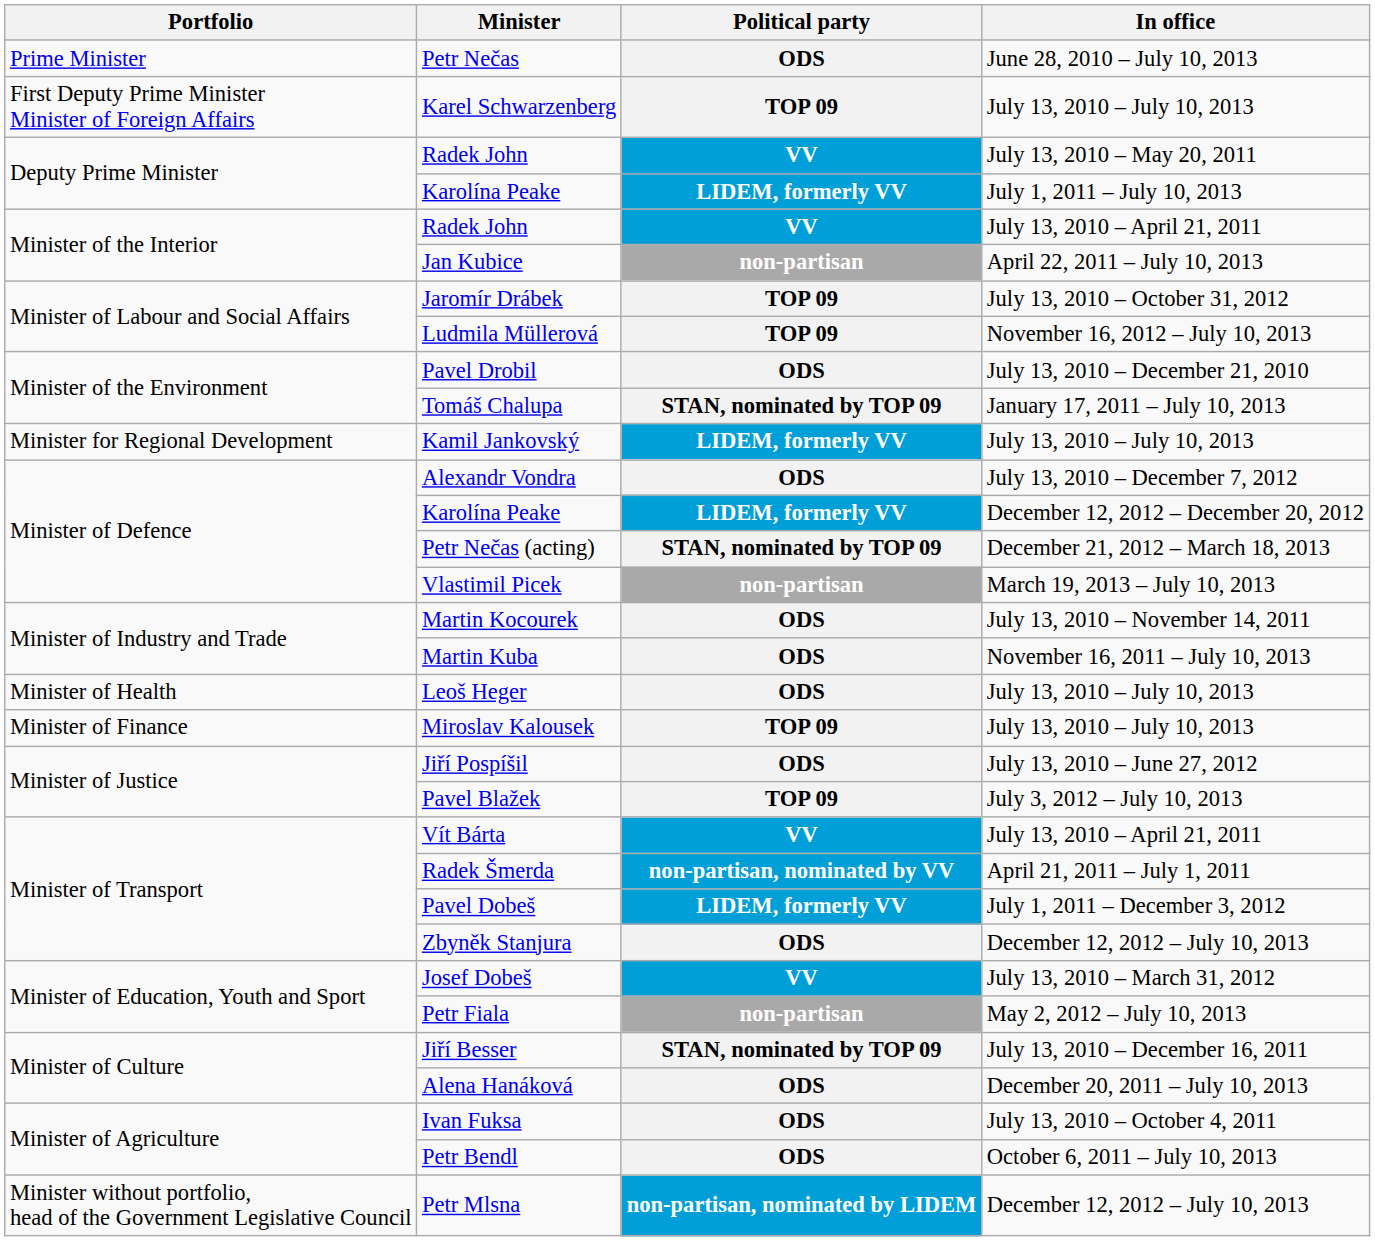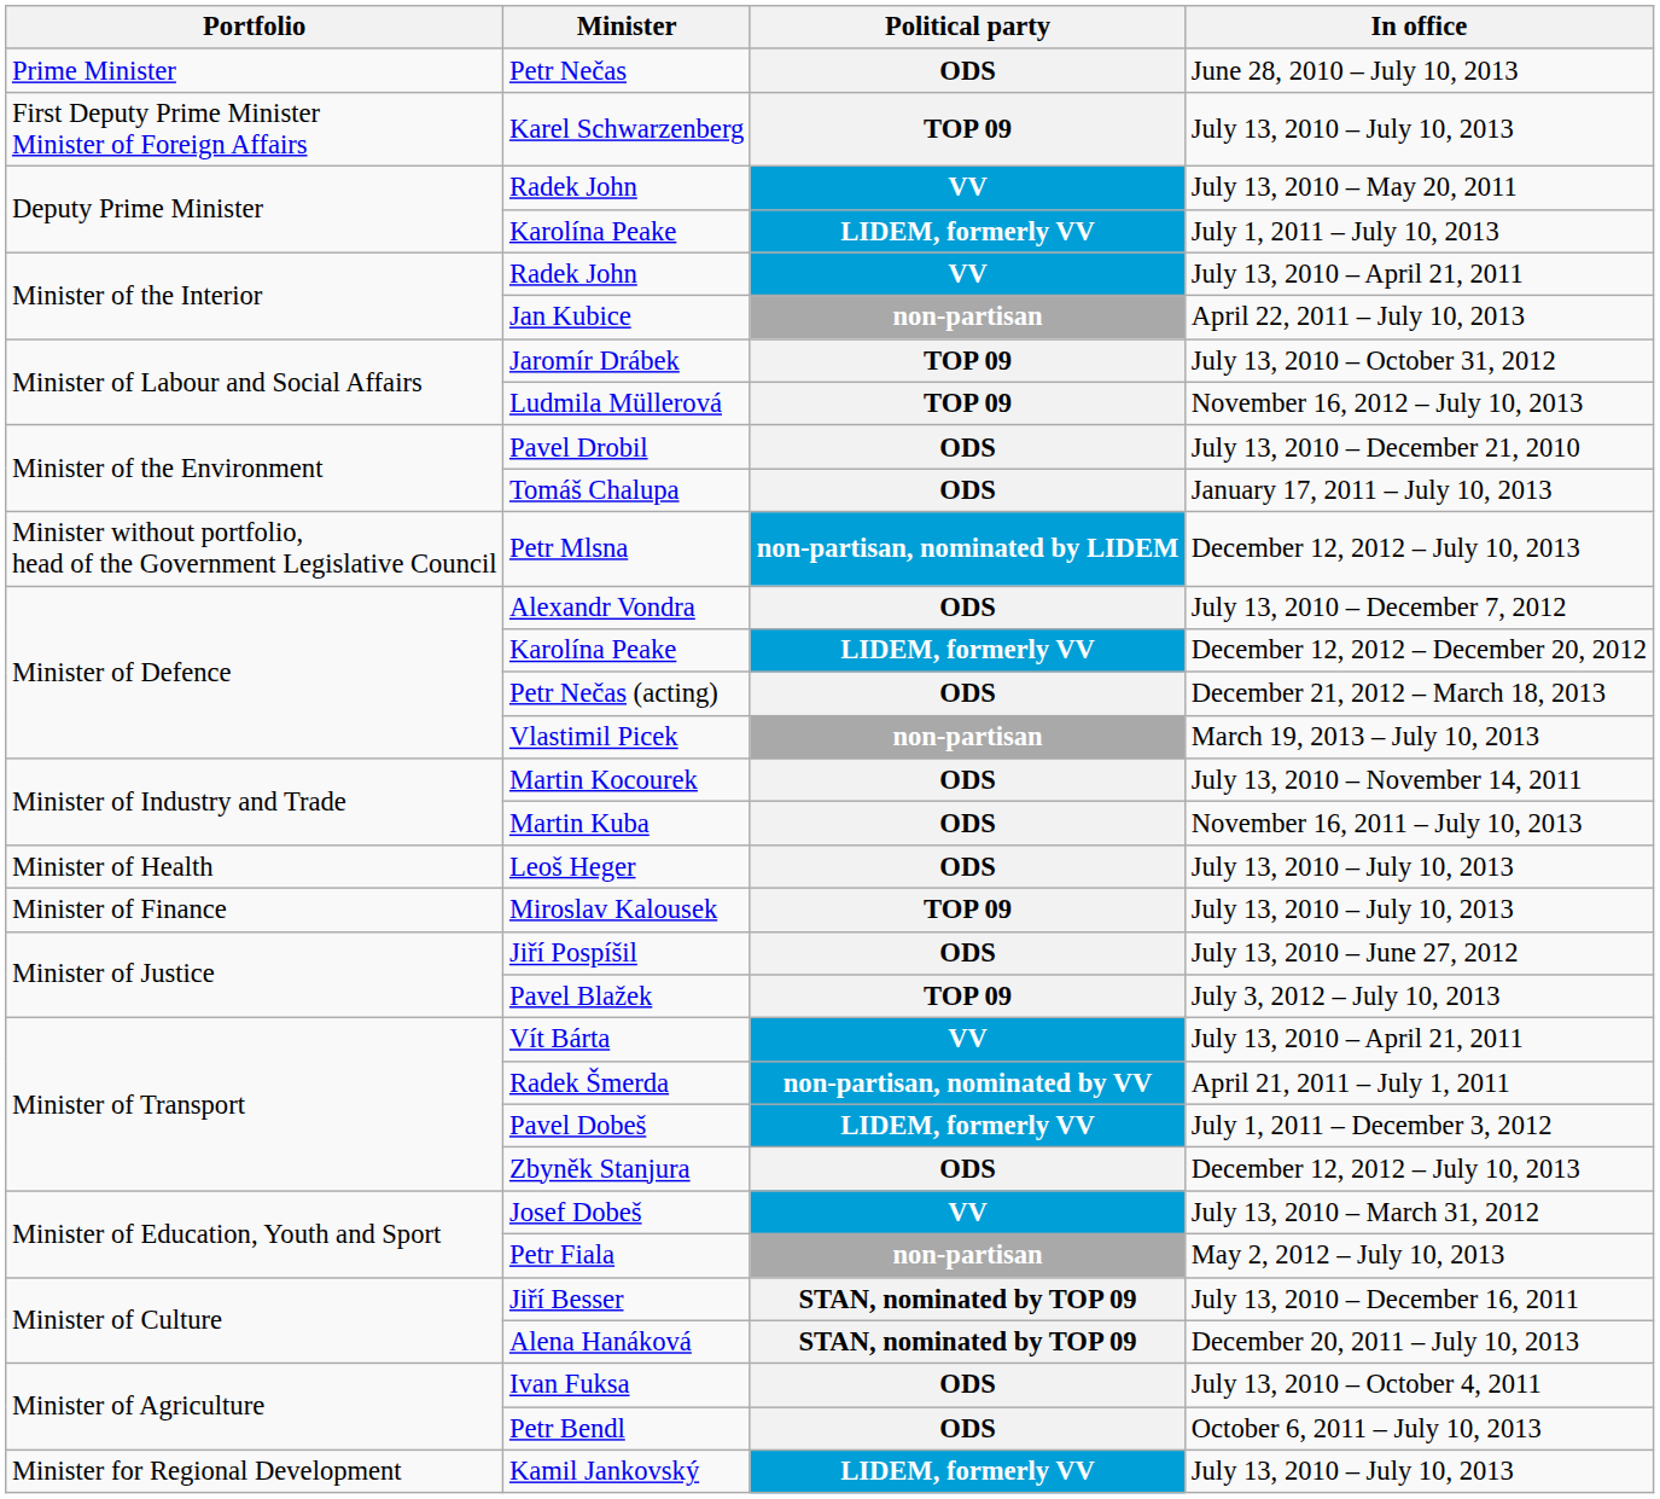 <table class="wikitable">
 <tr>
 <th>Portfolio</th>
 <th>Minister</th>
 <th>Political party</th>
 <th>In office</th>
 </tr>
 <tr>
 <td><a href='#'>Prime Minister</a></td>
 <td><a href='#'>Petr Nečas</a></td>
 <th style="background-color:">ODS</th>
 <td>June 28, 2010 – July 10, 2013</td>
 </tr>
 <tr>
 <td>First Deputy Prime Minister <br> <a href='#'>Minister of Foreign Affairs</a></td>
 <td><a href='#'>Karel Schwarzenberg</a></td>
 <th style="background-color:">TOP 09</th>
 <td>July 13, 2010 – July 10, 2013</td>
 </tr>
 <tr>
 <td rowspan="2">Deputy Prime Minister</td>
 <td><a href='#'>Radek John</a></td>
 <th style="background-color:#009FD7; color:white">VV</th>
 <td>July 13, 2010 – May 20, 2011</td>
 </tr>
 <tr>
 <td><a href='#'>Karolína Peake</a></td>
 <th style="background-color:#009FD7; color:white">LIDEM, formerly VV</th>
 <td>July 1, 2011 – July 10, 2013<br></td>
 </tr>
 <tr>
 <td rowspan="2">Minister  of the Interior</td>
 <td><a href='#'>Radek John</a></td>
 <th style="background-color:#009FD7; color:white">VV</th>
 <td>July 13, 2010 – April 21, 2011</td>
 </tr>
 <tr>
 <td><a href='#'>Jan Kubice</a></td>
 <th style="background-color:#A9A9A9; color:white">non-partisan</th>
 <td>April 22, 2011 – July 10, 2013</td>
 </tr>
 <tr>
 <td rowspan="2">Minister of Labour and Social Affairs</td>
 <td><a href='#'>Jaromír Drábek</a></td>
 <th style="background-color:">TOP 09</th>
 <td>July 13, 2010 – October 31, 2012</td>
 </tr>
 <tr>
 <td><a href='#'>Ludmila Müllerová</a></td>
 <th style="background-color:">TOP 09</th>
 <td>November 16, 2012 – July 10, 2013</td>
 </tr>
 <tr>
 <td rowspan="2">Minister of the Environment</td>
 <td><a href='#'>Pavel Drobil</a></td>
 <th style="background-color:">ODS</th>
 <td>July 13, 2010 – December 21, 2010</td>
 </tr>
 <tr>
 <td><a href='#'>Tomáš Chalupa</a></td>
-<th style="background-color:">STAN, nominated by TOP 09</th>
+<th style="background-color:">ODS</th>
 <td>January 17, 2011 – July 10, 2013</td>
 </tr>
 <tr>
-<td>Minister for Regional Development</td>
-<td><a href='#'>Kamil Jankovský</a></td>
-<th style="background-color:#009FD7; color:white">LIDEM, formerly VV</th>
-<td>July 13, 2010 – July 10, 2013</td>
+<td>Minister without portfolio,<br>head of the Government Legislative Council</td>
+<td><a href='#'>Petr Mlsna</a></td>
+<th style="background-color:#009FD7; color:white">non-partisan, nominated by LIDEM</th>
+<td>December 12, 2012 – July 10, 2013</td>
 </tr>
 <tr>
 <td rowspan="4">Minister of Defence</td>
 <td><a href='#'>Alexandr Vondra</a></td>
 <th style="background-color:">ODS</th>
 <td>July 13, 2010 – December 7, 2012</td>
 </tr>
 <tr>
 <td><a href='#'>Karolína Peake</a></td>
 <th style="background-color:#009FD7; color:white">LIDEM, formerly VV</th>
 <td>December 12, 2012 – December 20, 2012</td>
 </tr>
 <tr>
 <td><a href='#'>Petr Nečas</a> (acting)</td>
-<th style="background-color:">STAN, nominated by TOP 09</th>
+<th style="background-color:">ODS</th>
 <td>December 21, 2012 – March 18, 2013</td>
 </tr>
 <tr>
 <td><a href='#'>Vlastimil Picek</a></td>
 <th style="background-color:#A9A9A9; color:white">non-partisan</th>
 <td>March 19, 2013 – July 10, 2013</td>
 </tr>
 <tr>
 <td rowspan="2">Minister of Industry and Trade</td>
 <td><a href='#'>Martin Kocourek</a></td>
 <th style="background-color:">ODS</th>
 <td>July 13, 2010 – November 14, 2011</td>
 </tr>
 <tr>
 <td><a href='#'>Martin Kuba</a></td>
 <th style="background-color:">ODS</th>
 <td>November 16, 2011 – July 10, 2013</td>
 </tr>
 <tr>
 <td>Minister of Health</td>
 <td><a href='#'>Leoš Heger</a></td>
 <th style="background-color:">ODS</th>
 <td>July 13, 2010 – July 10, 2013</td>
 </tr>
 <tr>
 <td>Minister of Finance</td>
 <td><a href='#'>Miroslav Kalousek</a></td>
 <th style="background-color:">TOP 09</th>
 <td>July 13, 2010 – July 10, 2013</td>
 </tr>
 <tr>
 <td rowspan="2">Minister of Justice</td>
 <td><a href='#'>Jiří Pospíšil</a></td>
 <th style="background-color:">ODS</th>
 <td>July 13, 2010 – June 27, 2012</td>
 </tr>
 <tr>
 <td><a href='#'>Pavel Blažek</a></td>
 <th style="background-color:">TOP 09</th>
 <td>July 3, 2012 – July 10, 2013</td>
 </tr>
 <tr>
 <td rowspan="4">Minister of Transport</td>
 <td><a href='#'>Vít Bárta</a></td>
 <th style="background-color:#009FD7; color:white">VV</th>
 <td>July 13, 2010 – April 21, 2011</td>
 </tr>
 <tr>
 <td><a href='#'>Radek Šmerda</a></td>
 <th style="background-color:#009FD7; color:white">non-partisan, nominated by VV</th>
 <td>April 21, 2011 – July 1, 2011</td>
 </tr>
 <tr>
 <td><a href='#'>Pavel Dobeš</a></td>
 <th style="background-color:#009FD7; color:white">LIDEM, formerly VV</th>
 <td>July 1, 2011 – December 3, 2012</td>
 </tr>
 <tr>
 <td><a href='#'>Zbyněk Stanjura</a></td>
 <th style="background-color:">ODS</th>
 <td>December 12, 2012 – July 10, 2013</td>
 </tr>
 <tr>
 <td rowspan="2">Minister of Education, Youth and Sport</td>
 <td><a href='#'>Josef Dobeš</a></td>
 <th style="background-color:#009FD7; color:white">VV</th>
 <td>July 13, 2010 – March 31, 2012</td>
 </tr>
 <tr>
 <td><a href='#'>Petr Fiala</a></td>
 <th style="background-color:#A9A9A9; color:white">non-partisan</th>
 <td>May 2, 2012 – July 10, 2013</td>
 </tr>
 <tr>
 <td rowspan="2">Minister of Culture</td>
 <td><a href='#'>Jiří Besser</a></td>
 <th style="background-color:">STAN, nominated by TOP 09</th>
 <td>July 13, 2010 – December 16, 2011</td>
 </tr>
 <tr>
 <td><a href='#'>Alena Hanáková</a></td>
-<th style="background-color:">ODS</th>
+<th style="background-color:">STAN, nominated by TOP 09</th>
 <td>December 20, 2011 – July 10, 2013</td>
 </tr>
 <tr>
 <td rowspan="2">Minister of Agriculture</td>
 <td><a href='#'>Ivan Fuksa</a></td>
 <th style="background-color:">ODS</th>
 <td>July 13, 2010 – October 4, 2011</td>
 </tr>
 <tr>
 <td><a href='#'>Petr Bendl</a></td>
 <th style="background-color:">ODS</th>
 <td>October 6, 2011 – July 10, 2013</td>
 </tr>
 <tr>
-<td>Minister without portfolio,<br>head of the Government Legislative Council</td>
-<td><a href='#'>Petr Mlsna</a></td>
-<th style="background-color:#009FD7; color:white">non-partisan, nominated by LIDEM</th>
-<td>December 12, 2012 – July 10, 2013</td>
+<td>Minister for Regional Development</td>
+<td><a href='#'>Kamil Jankovský</a></td>
+<th style="background-color:#009FD7; color:white">LIDEM, formerly VV</th>
+<td>July 13, 2010 – July 10, 2013</td>
 </tr>
 </table>
